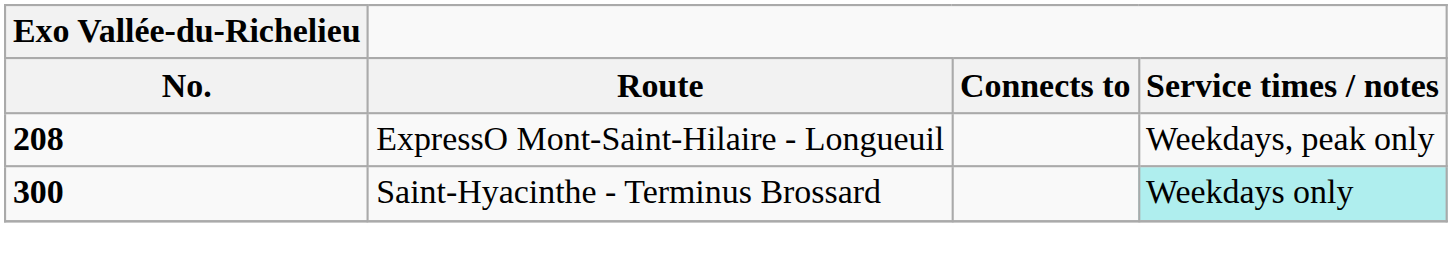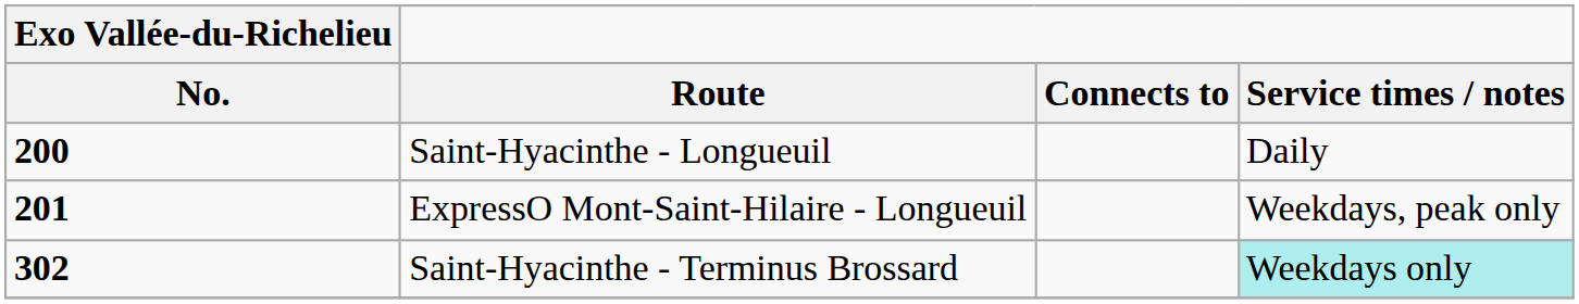 <table align=center class="wikitable">
 <tr>
 <th style="background: #">Exo Vallée-du-Richelieu</th>
 </tr>
 <tr>
 <th>No.</th>
 <th>Route</th>
 <th>Connects to</th>
 <th>Service times / notes</th>
 </tr>
 <tr>
-<td {{border> <strong>208</strong></td>
+<td {{border> <strong>200</strong></td>
+<td>Saint-Hyacinthe - Longueuil</td>
+<td></td>
+<td>Daily</td>
+</tr>
+<tr>
+<td {{border> <strong>201</strong></td>
 <td>ExpressO Mont-Saint-Hilaire - Longueuil</td>
 <td></td>
 <td>Weekdays, peak only</td>
 </tr>
 <tr>
-<td {{border> <strong>300</strong></td>
+<td {{border> <strong>302</strong></td>
 <td>Saint-Hyacinthe - Terminus Brossard</td>
 <td></td>
 <td style="background: paleturquoise;">Weekdays only</td>
 </tr>
 <tr>
 </tr>
 </table>
